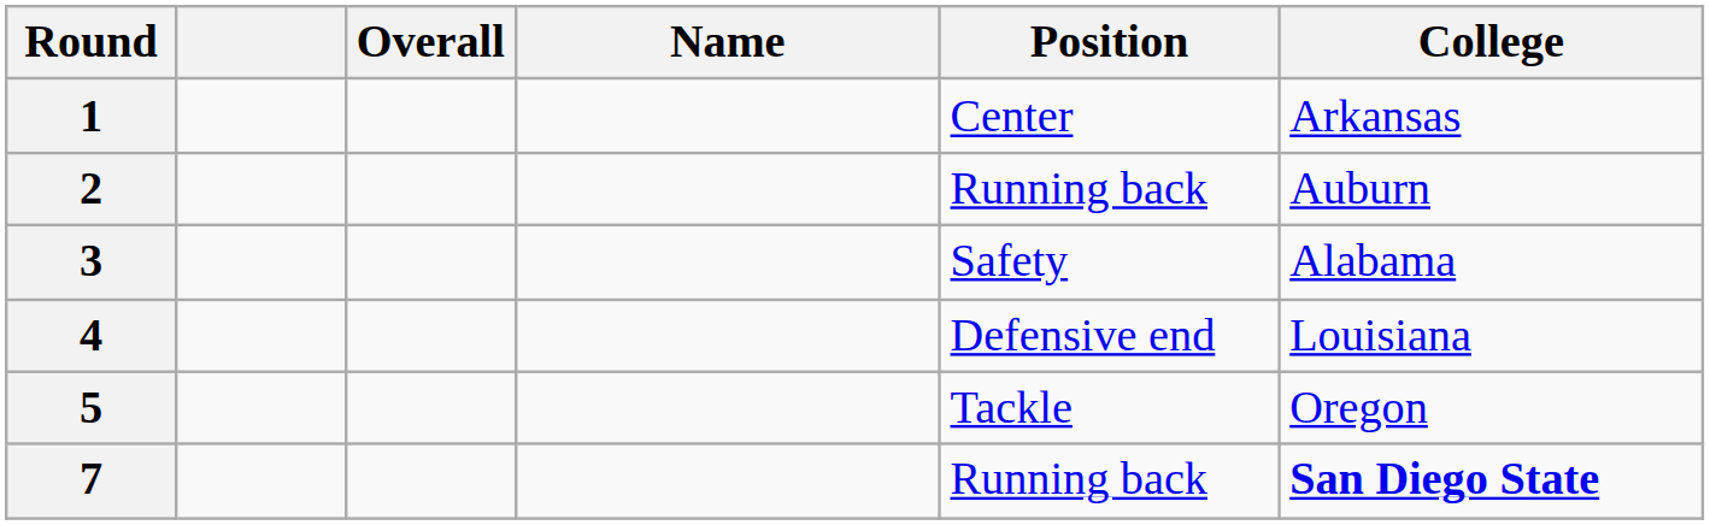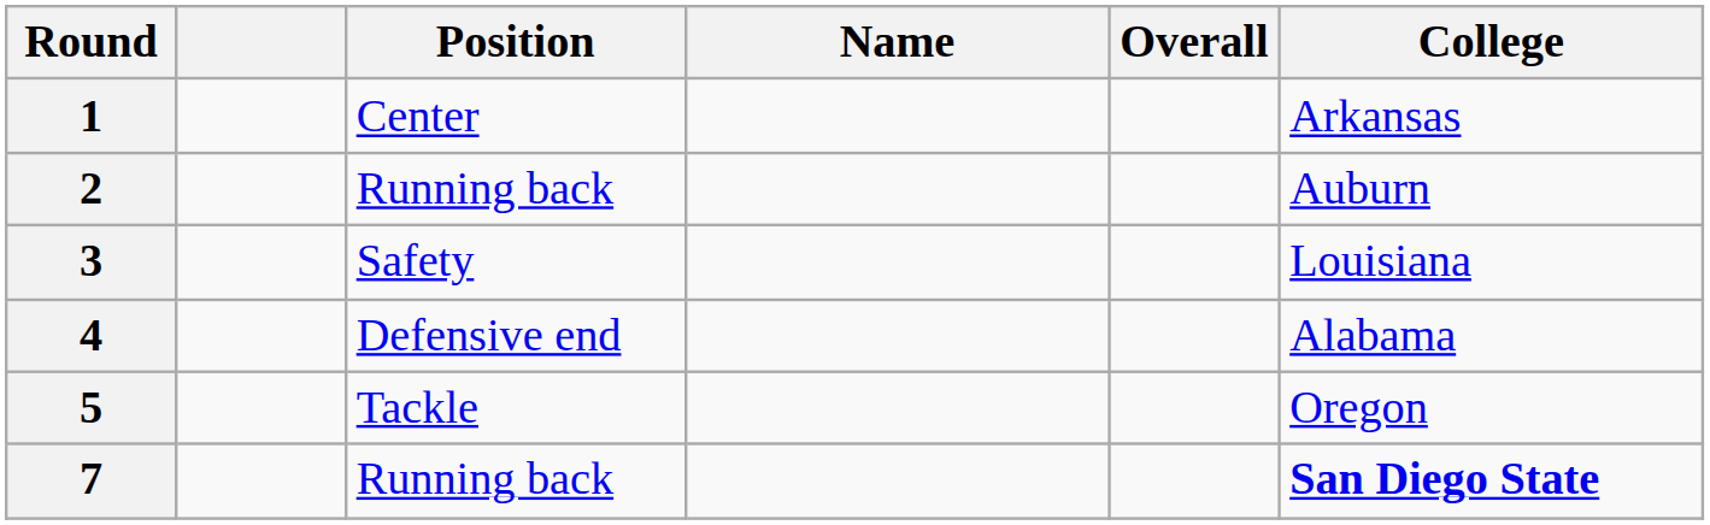 <table class="wikitable sortable">
 <tr>
 <th scope="col" style="width: 10%;">Round</th>
 <th scope="col" style="width: 10%;"></th>
+<th scope="col" style="width: 20%;">Position</th>
+<th scope="col" style="width: 25%;">Name</th>
 <th scope="col" style="width: 10%;">Overall</th>
-<th scope="col" style="width: 25%;">Name</th>
-<th scope="col" style="width: 20%;">Position</th>
 <th scope="col" style="width: 25%;">College</th>
 </tr>
 <tr>
 <th scope="row">1</th>
 <td></td>
+<td><a href='#'>Center</a></td>
 <td></td>
 <td></td>
-<td><a href='#'>Center</a></td>
 <td><a href='#'>Arkansas</a></td>
 </tr>
 <tr>
 <th scope="row">2</th>
 <td></td>
+<td><a href='#'>Running back</a></td>
 <td></td>
 <td></td>
-<td><a href='#'>Running back</a></td>
 <td><a href='#'>Auburn</a></td>
 </tr>
 <tr>
 <th scope="row">3</th>
 <td></td>
+<td><a href='#'>Safety</a></td>
 <td></td>
 <td></td>
-<td><a href='#'>Safety</a></td>
-<td><a href='#'>Alabama</a></td>
+<td><a href='#'>Louisiana</a></td>
 </tr>
 <tr>
 <th scope="row">4</th>
 <td></td>
+<td><a href='#'>Defensive end</a></td>
 <td></td>
 <td></td>
-<td><a href='#'>Defensive end</a></td>
-<td><a href='#'>Louisiana</a></td>
+<td><a href='#'>Alabama</a></td>
 </tr>
 <tr>
 <th scope="row">5</th>
 <td></td>
+<td><a href='#'>Tackle</a></td>
 <td></td>
 <td></td>
-<td><a href='#'>Tackle</a></td>
 <td><a href='#'>Oregon</a></td>
 </tr>
 <tr>
 <th scope="row">7</th>
 <td></td>
+<td><a href='#'>Running back</a></td>
 <td></td>
 <td></td>
-<td><a href='#'>Running back</a></td>
 <td><strong><a href='#'>San Diego State</a></strong></td>
 </tr>
 </table>
